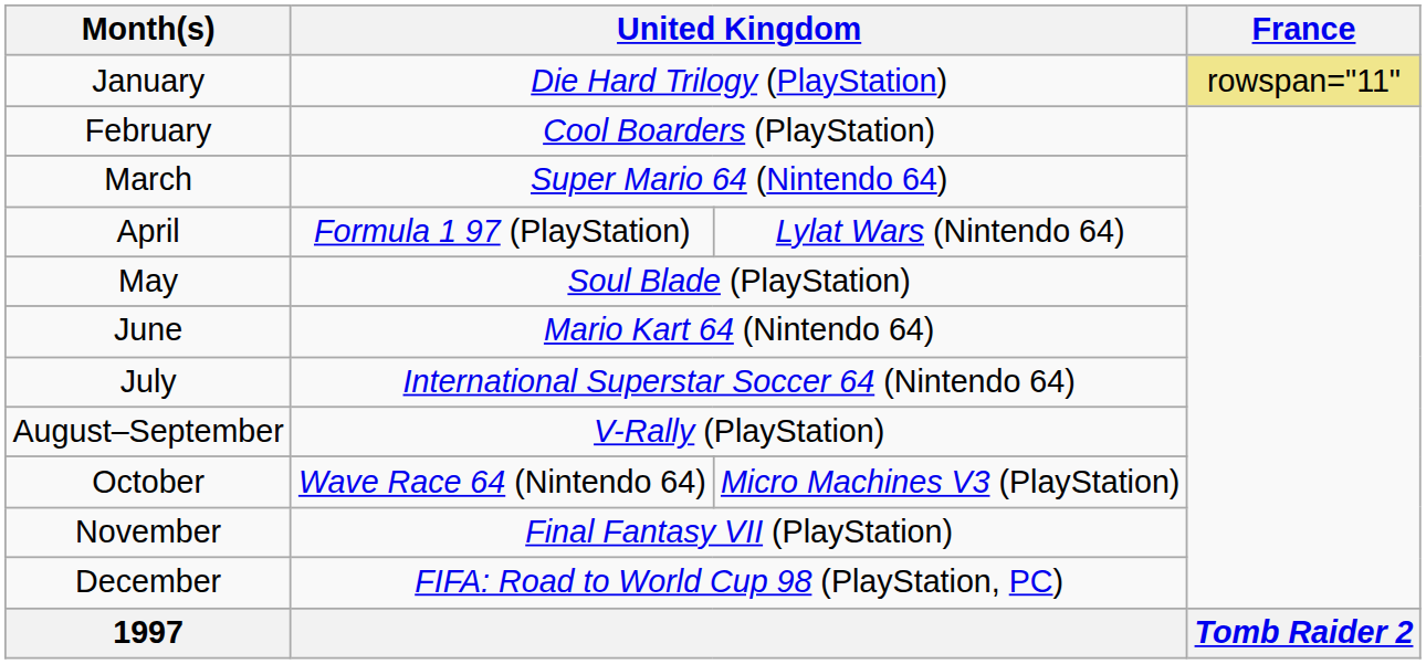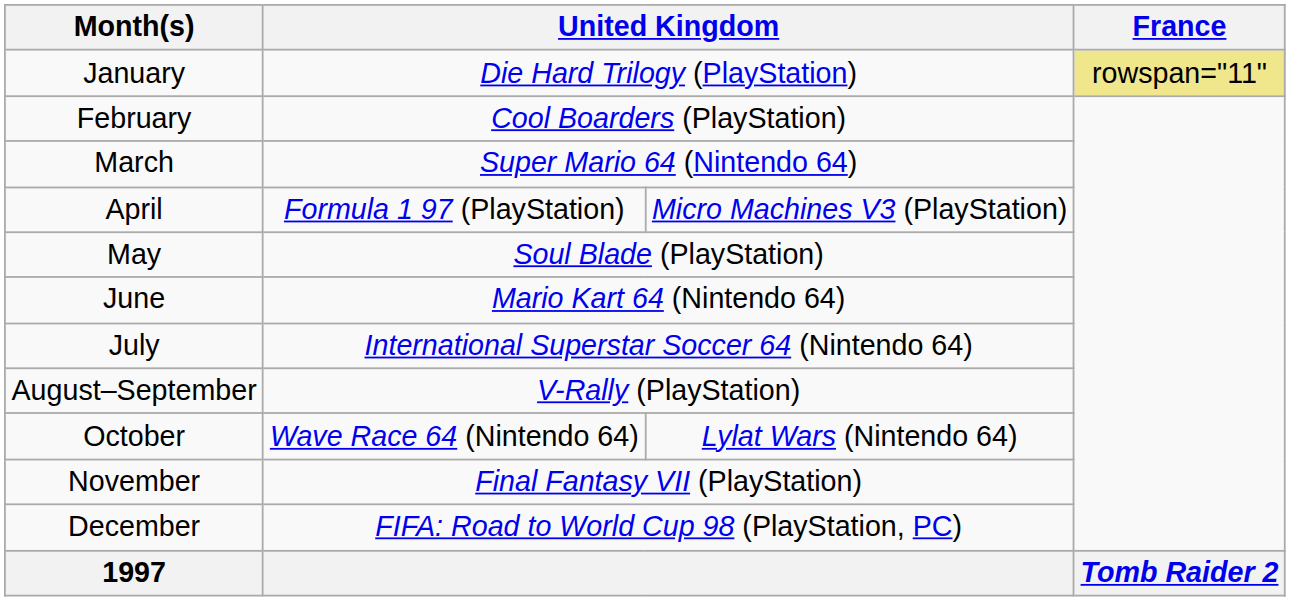 <table class="wikitable sortable" style="text-align:center">
 <tr>
 <th>Month(s)</th>
 <th colspan="2"><a href='#'>United Kingdom</a></th>
 <th><a href='#'>France</a></th>
 </tr>
 <tr>
 <td>January</td>
 <td colspan="2"><em><a href='#'>Die Hard Trilogy</a></em> (<a href='#'>PlayStation</a>)</td>
 <td style="background: khaki;">rowspan="11" </td>
 </tr>
 <tr>
 <td>February</td>
 <td colspan="2"><em><a href='#'>Cool Boarders</a></em> (PlayStation)</td>
 </tr>
 <tr>
 <td>March</td>
 <td colspan="2"><em><a href='#'>Super Mario 64</a></em> (<a href='#'>Nintendo 64</a>)</td>
 </tr>
 <tr>
 <td>April</td>
 <td><em><a href='#'>Formula 1 97</a></em> (PlayStation)</td>
-<td><em><a href='#'>Lylat Wars</a></em> (Nintendo 64)</td>
+<td><em><a href='#'>Micro Machines V3</a></em> (PlayStation)</td>
 </tr>
 <tr>
 <td>May</td>
 <td colspan="2"><em><a href='#'>Soul Blade</a></em> (PlayStation)</td>
 </tr>
 <tr>
 <td>June</td>
 <td colspan="2"><em><a href='#'>Mario Kart 64</a></em> (Nintendo 64)</td>
 </tr>
 <tr>
 <td>July</td>
 <td colspan="2"><em><a href='#'>International Superstar Soccer 64</a></em> (Nintendo 64)</td>
 </tr>
 <tr>
 <td>August–September</td>
 <td colspan="2"><em><a href='#'>V-Rally</a></em> (PlayStation)</td>
 </tr>
 <tr>
 <td>October</td>
 <td><em><a href='#'>Wave Race 64</a></em> (Nintendo 64)</td>
-<td><em><a href='#'>Micro Machines V3</a></em> (PlayStation)</td>
+<td><em><a href='#'>Lylat Wars</a></em> (Nintendo 64)</td>
 </tr>
 <tr>
 <td>November</td>
 <td colspan="2"><em><a href='#'>Final Fantasy VII</a></em> (PlayStation)</td>
 </tr>
 <tr>
 <td>December</td>
 <td colspan="2"><em><a href='#'>FIFA: Road to World Cup 98</a></em> (PlayStation, <a href='#'>PC</a>)</td>
 </tr>
 <tr>
 <th>1997</th>
 <th colspan="2"></th>
 <th><em><a href='#'>Tomb Raider 2</a></em></th>
 </tr>
 </table>
